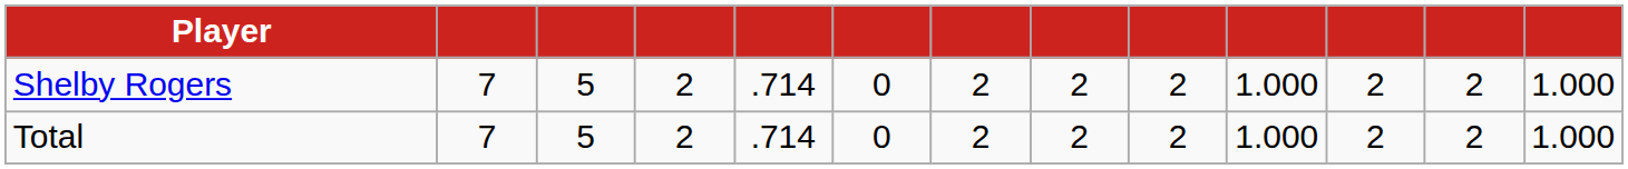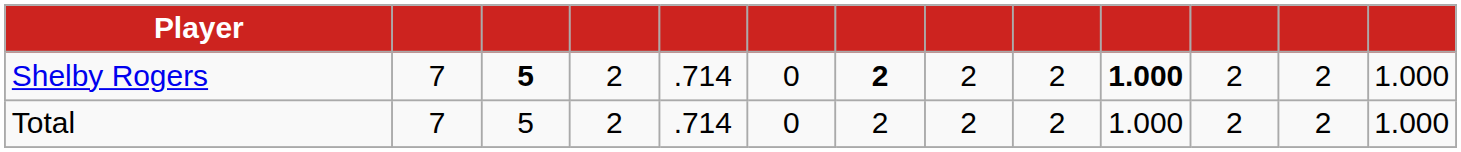 <table class="wikitable" style="text-align:center">
 <tr>
 <th style="background:#CD231F; color:white" width="200px">Player</th>
 <th style="background:#CD231F; color:white" width="40px"></th>
 <th style="background:#CD231F; color:white" width="40px"></th>
 <th style="background:#CD231F; color:white" width="40px"></th>
 <th style="background:#CD231F; color:white" width="40px"></th>
 <th style="background:#CD231F; color:white" width="40px"></th>
 <th style="background:#CD231F; color:white" width="40px"></th>
 <th style="background:#CD231F; color:white" width="40px"></th>
 <th style="background:#CD231F; color:white" width="40px"></th>
 <th style="background:#CD231F; color:white" width="40px"></th>
 <th style="background:#CD231F; color:white" width="40px"></th>
 <th style="background:#CD231F; color:white" width="40px"></th>
 <th style="background:#CD231F; color:white" width="40px"></th>
 </tr>
 <tr>
 <td style="text-align:left"><a href='#'>Shelby Rogers</a></td>
 <td>7</td>
-<td>5</td>
+<td><strong>5</strong></td>
 <td>2</td>
 <td>.714</td>
 <td>0</td>
+<td><strong>2</strong></td>
 <td>2</td>
 <td>2</td>
-<td>2</td>
-<td>1.000</td>
+<td><strong>1.000</strong></td>
 <td>2</td>
 <td>2</td>
 <td>1.000</td>
 </tr>
 <tr>
 <td style="text-align:left">Total</td>
 <td>7</td>
 <td>5</td>
 <td>2</td>
 <td>.714</td>
 <td>0</td>
 <td>2</td>
 <td>2</td>
 <td>2</td>
 <td>1.000</td>
 <td>2</td>
 <td>2</td>
 <td>1.000</td>
 </tr>
 </table>
